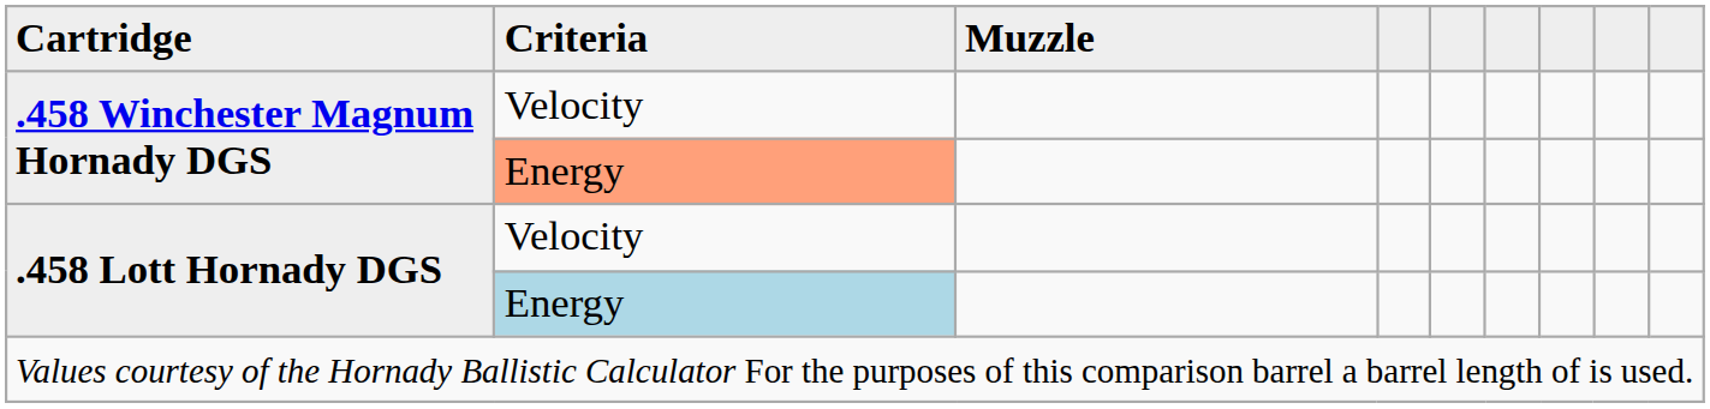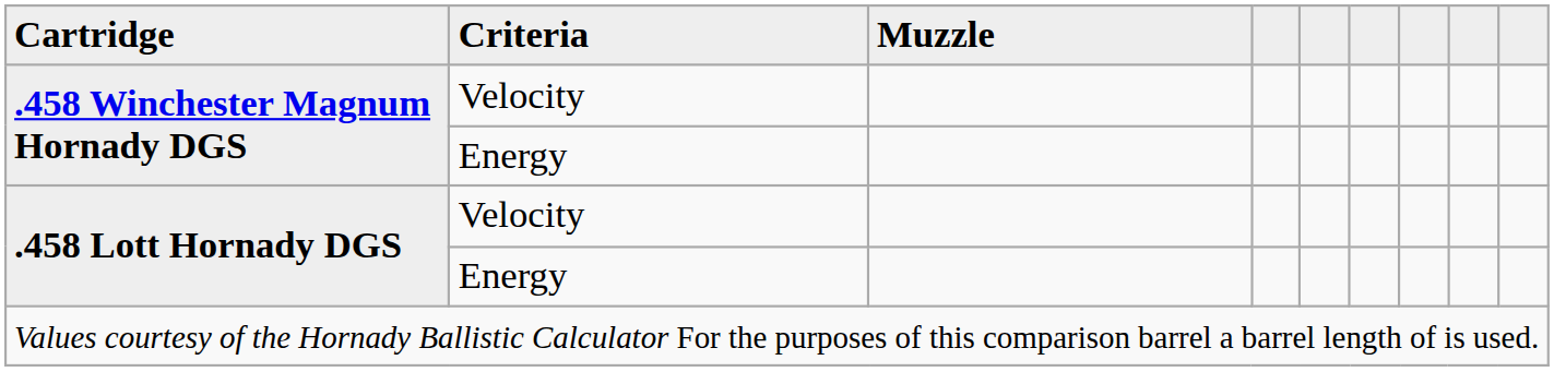 <table class="wikitable" border="1">
 <tr>
 <td style="background: #eeeeee" width="180pt"><strong>Cartridge</strong></td>
 <td style="background: #eeeeee"><strong>Criteria</strong></td>
 <td style="background: #eeeeee"><strong>Muzzle</strong></td>
 <td style="background: #eeeeee"><strong></strong></td>
 <td style="background: #eeeeee"><strong></strong></td>
 <td style="background: #eeeeee"><strong></strong></td>
 <td style="background: #eeeeee"><strong></strong></td>
 <td style="background: #eeeeee"><strong></strong></td>
 <td style="background: #eeeeee"><strong></strong></td>
 </tr>
 <tr>
 <td style="background: #eeeeee" rowspan="2"><strong><a href='#'>.458 Winchester Magnum</a> Hornady  DGS</strong></td>
 <td>Velocity</td>
 <td></td>
 <td></td>
 <td></td>
 <td></td>
 <td></td>
 <td></td>
 <td></td>
 </tr>
 <tr>
-<td style="background: lightsalmon;">Energy</td>
+<td>Energy</td>
 <td></td>
 <td></td>
 <td></td>
 <td></td>
 <td></td>
 <td></td>
 <td></td>
 </tr>
 <tr>
 <td style="background: #eeeeee" rowspan="2"><strong>.458 Lott Hornady  DGS</strong></td>
 <td>Velocity</td>
 <td></td>
 <td></td>
 <td></td>
 <td></td>
 <td></td>
 <td></td>
 <td></td>
 </tr>
 <tr>
-<td style="background: lightblue;">Energy</td>
+<td>Energy</td>
 <td></td>
 <td></td>
 <td></td>
 <td></td>
 <td></td>
 <td></td>
 <td></td>
 </tr>
 <tr>
 <td colspan="9" align="center"><small><em>Values courtesy of the Hornady Ballistic Calculator</em> For the purposes of this comparison barrel a barrel length of  is used.</small></td>
 </tr>
 </table>
